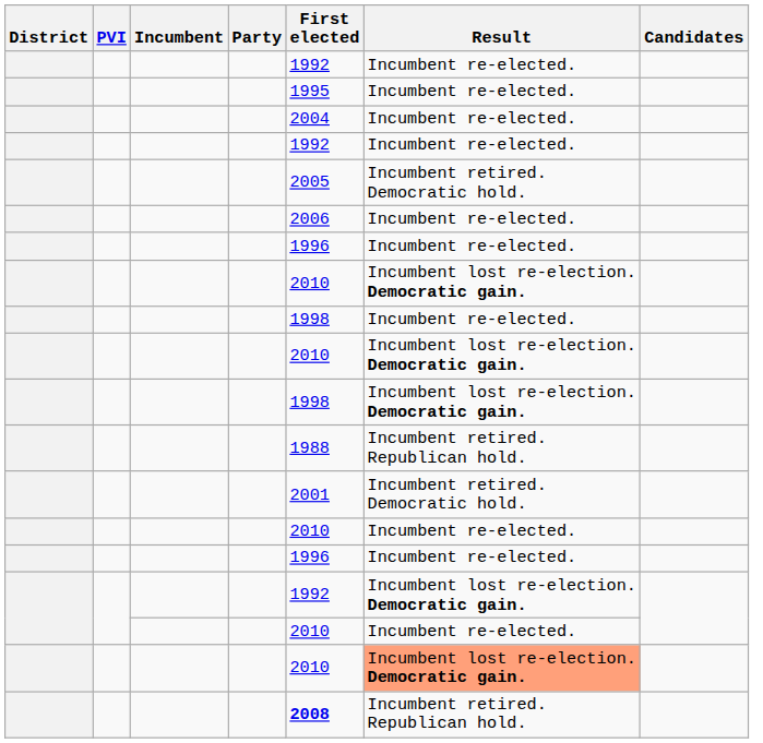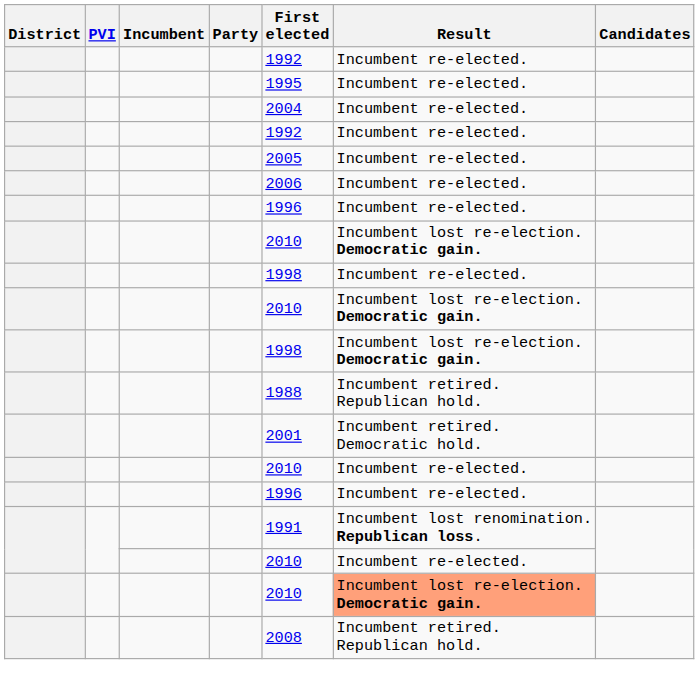 <table class="wikitable sortable">
 <tr valign=bottom>
 <th>District</th>
 <th><a href='#'>PVI</a></th>
 <th>Incumbent</th>
 <th>Party</th>
 <th>First<br>elected</th>
 <th>Result</th>
 <th>Candidates</th>
 </tr>
 <tr>
 <th></th>
 <td></td>
 <td></td>
 <td></td>
 <td><a href='#'>1992</a></td>
 <td>Incumbent re-elected.</td>
 <td nowrap></td>
 </tr>
 <tr>
 <th></th>
 <td></td>
 <td></td>
 <td></td>
 <td><a href='#'>1995 </a></td>
 <td>Incumbent re-elected.</td>
 <td nowrap></td>
 </tr>
 <tr>
 <th></th>
 <td></td>
 <td></td>
 <td></td>
 <td><a href='#'>2004</a></td>
 <td>Incumbent re-elected.</td>
 <td nowrap></td>
 </tr>
 <tr>
 <th></th>
 <td></td>
 <td></td>
 <td></td>
 <td><a href='#'>1992</a></td>
 <td>Incumbent re-elected.</td>
 <td nowrap></td>
 </tr>
 <tr>
 <th></th>
 <td></td>
 <td></td>
 <td></td>
 <td><a href='#'>2005 </a></td>
-<td>Incumbent retired.<br>Democratic hold.</td>
+<td>Incumbent re-elected.</td>
 <td nowrap></td>
 </tr>
 <tr>
 <th></th>
 <td></td>
 <td></td>
 <td></td>
 <td><a href='#'>2006</a></td>
 <td>Incumbent re-elected.</td>
 <td nowrap></td>
 </tr>
 <tr>
 <th></th>
 <td></td>
 <td></td>
 <td></td>
 <td><a href='#'>1996</a></td>
 <td>Incumbent re-elected.</td>
 <td nowrap></td>
 </tr>
 <tr>
 <th></th>
 <td></td>
 <td></td>
 <td></td>
 <td><a href='#'>2010</a></td>
 <td>Incumbent lost re-election.<br><strong>Democratic gain.</strong></td>
 <td nowrap></td>
 </tr>
 <tr>
 <th></th>
 <td></td>
 <td></td>
 <td></td>
 <td><a href='#'>1998</a></td>
 <td>Incumbent re-elected.</td>
 <td nowrap></td>
 </tr>
 <tr>
 <th></th>
 <td></td>
 <td></td>
 <td></td>
 <td><a href='#'>2010</a></td>
 <td>Incumbent lost re-election.<br><strong>Democratic gain.</strong></td>
 <td nowrap></td>
 </tr>
 <tr>
 <th></th>
 <td></td>
 <td><br></td>
 <td></td>
 <td><a href='#'>1998</a></td>
 <td>Incumbent lost re-election.<br><strong>Democratic gain.</strong></td>
 <td nowrap></td>
 </tr>
 <tr>
 <th></th>
 <td></td>
 <td></td>
 <td></td>
 <td><a href='#'>1988</a></td>
 <td>Incumbent retired.<br>Republican hold.</td>
 <td nowrap></td>
 </tr>
 <tr>
 <th></th>
 <td></td>
 <td><br></td>
 <td></td>
 <td><a href='#'>2001</a></td>
 <td>Incumbent retired.<br>Democratic hold.</td>
 <td nowrap></td>
 </tr>
 <tr>
 <th></th>
 <td></td>
 <td></td>
 <td></td>
 <td><a href='#'>2010</a></td>
 <td>Incumbent re-elected.</td>
 <td nowrap></td>
 </tr>
 <tr>
 <th></th>
 <td></td>
 <td><br></td>
 <td></td>
 <td><a href='#'>1996</a></td>
 <td>Incumbent re-elected.</td>
 <td nowrap></td>
 </tr>
 <tr>
 <th rowspan=2></th>
 <td rowspan=2 ></td>
 <td></td>
 <td></td>
-<td><a href='#'>1992</a></td>
-<td>Incumbent lost re-election.<br><strong>Democratic gain.</strong></td>
+<td><a href='#'>1991</a></td>
+<td>Incumbent lost renomination.<br><strong>Republican loss</strong>.</td>
 <td rowspan=2 nowrap></td>
 </tr>
 <tr>
 <td><br></td>
 <td></td>
 <td><a href='#'>2010</a></td>
 <td>Incumbent re-elected.</td>
 </tr>
 <tr>
 <th></th>
 <td></td>
 <td></td>
 <td></td>
 <td><a href='#'>2010</a></td>
 <td style="background: lightsalmon;">Incumbent lost re-election.<br><strong>Democratic gain.</strong></td>
 <td nowrap></td>
 </tr>
 <tr>
 <th></th>
 <td></td>
 <td></td>
 <td></td>
-<td><strong><a href='#'>2008</a></strong></td>
+<td><a href='#'>2008</a></td>
 <td>Incumbent retired.<br>Republican hold.</td>
 <td nowrap></td>
 </tr>
 </table>
